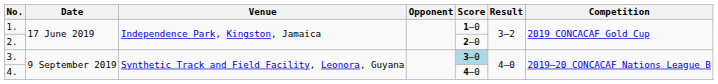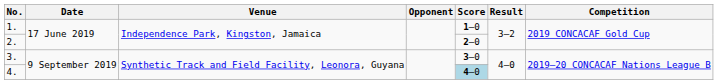 <table class="wikitable" style="font-size:100%;">
 <tr>
 <th>No.</th>
 <th>Date</th>
 <th>Venue</th>
 <th>Opponent</th>
 <th>Score</th>
 <th>Result</th>
 <th>Competition</th>
 </tr>
 <tr>
 <td>1.</td>
 <td rowspan="2">17 June 2019</td>
 <td rowspan="2"><a href='#'>Independence Park</a>, <a href='#'>Kingston</a>, Jamaica</td>
 <td rowspan="2"></td>
 <td align=center><strong>1</strong>–0</td>
 <td rowspan="2" style="text-align:center">3–2</td>
 <td rowspan="2"><a href='#'>2019 CONCACAF Gold Cup</a></td>
 </tr>
 <tr>
 <td>2.</td>
 <td align=center><strong>2</strong>–0</td>
 </tr>
 <tr>
 <td>3.</td>
 <td rowspan="2">9 September 2019</td>
 <td rowspan="2"><a href='#'>Synthetic Track and Field Facility</a>, <a href='#'>Leonora</a>, Guyana</td>
 <td rowspan="2"></td>
-<td align=center style="background: lightblue;"><strong>3</strong>–0</td>
+<td align=center><strong>3</strong>–0</td>
 <td rowspan="2" style="text-align:center">4–0</td>
 <td rowspan="2"><a href='#'>2019–20 CONCACAF Nations League B</a></td>
 </tr>
 <tr>
 <td>4.</td>
-<td align=center><strong>4</strong>–0</td>
+<td align=center style="background: lightblue;"><strong>4</strong>–0</td>
 </tr>
 </table>
